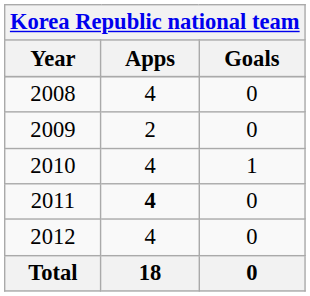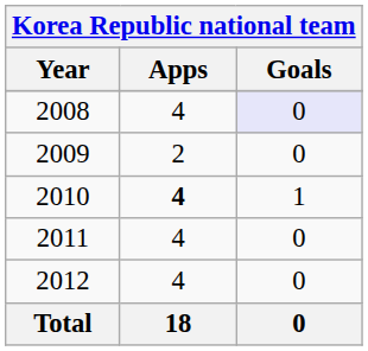 <table class="wikitable" style="text-align:center">
 <tr>
 <th colspan=3><a href='#'>Korea Republic national team</a></th>
 </tr>
 <tr>
 <th>Year</th>
 <th>Apps</th>
 <th>Goals</th>
 </tr>
 <tr>
 </tr>
 <tr>
 <td>2008</td>
 <td>4</td>
-<td>0</td>
+<td style="background: lavender;">0</td>
 </tr>
 <tr>
 <td>2009</td>
 <td>2</td>
 <td>0</td>
 </tr>
 <tr>
 <td>2010</td>
-<td>4</td>
+<td><strong>4</strong></td>
 <td>1</td>
 </tr>
 <tr>
 <td>2011</td>
-<td><strong>4</strong></td>
+<td>4</td>
 <td>0</td>
 </tr>
 <tr>
 <td>2012</td>
 <td>4</td>
 <td>0</td>
 </tr>
 <tr>
 <th>Total</th>
 <th>18</th>
 <th>0</th>
 </tr>
 </table>
